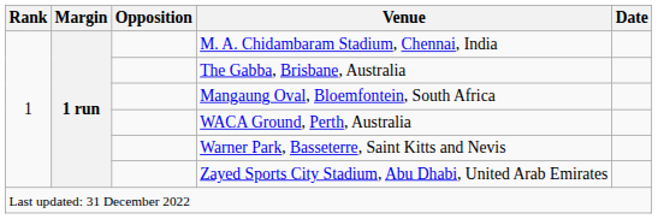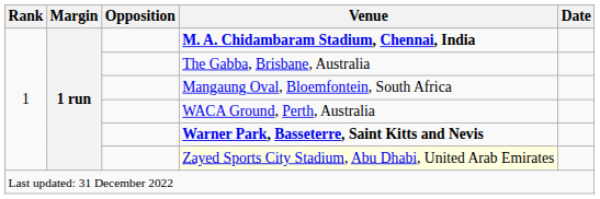 <table class="wikitable plainrowheaders sortable">
 <tr>
 <th scope=col>Rank</th>
 <th scope=col>Margin</th>
 <th scope=col>Opposition</th>
 <th scope=col>Venue</th>
 <th scope=col>Date</th>
 </tr>
 <tr>
 <td align=center rowspan=6>1</td>
 <th scope=row style=text-align:center; rowspan=6>1 run</th>
 <td></td>
-<td><a href='#'>M. A. Chidambaram Stadium</a>, <a href='#'>Chennai</a>, India</td>
+<td><strong><a href='#'>M. A. Chidambaram Stadium</a>, <a href='#'>Chennai</a>, India</strong></td>
 <td><a href='#'></a></td>
 </tr>
 <tr>
 <td></td>
 <td><a href='#'>The Gabba</a>, <a href='#'>Brisbane</a>, Australia</td>
 <td><a href='#'></a></td>
 </tr>
 <tr>
 <td></td>
 <td><a href='#'>Mangaung Oval</a>, <a href='#'>Bloemfontein</a>, South Africa</td>
 <td><a href='#'></a></td>
 </tr>
 <tr>
 <td></td>
 <td><a href='#'>WACA Ground</a>, <a href='#'>Perth</a>, Australia</td>
 <td><a href='#'></a></td>
 </tr>
 <tr>
 <td></td>
-<td><a href='#'>Warner Park</a>, <a href='#'>Basseterre</a>, Saint Kitts and Nevis</td>
+<td><strong><a href='#'>Warner Park</a>, <a href='#'>Basseterre</a>, Saint Kitts and Nevis</strong></td>
 <td><a href='#'></a></td>
 </tr>
 <tr>
 <td></td>
-<td><a href='#'>Zayed Sports City Stadium</a>, <a href='#'>Abu Dhabi</a>, United Arab Emirates</td>
+<td style="background: lightyellow;"><a href='#'>Zayed Sports City Stadium</a>, <a href='#'>Abu Dhabi</a>, United Arab Emirates</td>
 <td><a href='#'></a></td>
 </tr>
 <tr class=sortbottom>
 <td colspan=5><small>Last updated: 31 December 2022</small></td>
 </tr>
 </table>
